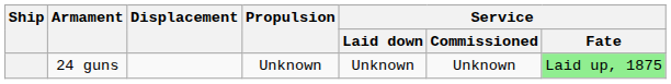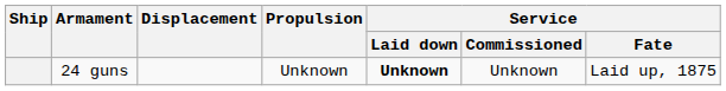 <table class="wikitable plainrowheaders" style="text-align: center;">
 <tr valign="top">
 <th scope="col" rowspan="2">Ship</th>
 <th scope="col" rowspan="2">Armament</th>
 <th scope="col" rowspan="2">Displacement</th>
 <th scope="col" rowspan="2">Propulsion</th>
 <th scope="col" colspan="3">Service</th>
 </tr>
 <tr valign="top">
 <th scope="col">Laid down</th>
 <th scope="col">Commissioned</th>
 <th scope="col">Fate</th>
 </tr>
 <tr valign="center">
 <th scope="row"></th>
 <td>24 guns</td>
 <td></td>
 <td>Unknown</td>
+<td><strong>Unknown</strong></td>
 <td>Unknown</td>
-<td>Unknown</td>
-<td style="background: lightgreen;">Laid up, 1875</td>
+<td>Laid up, 1875</td>
 </tr>
 </table>
